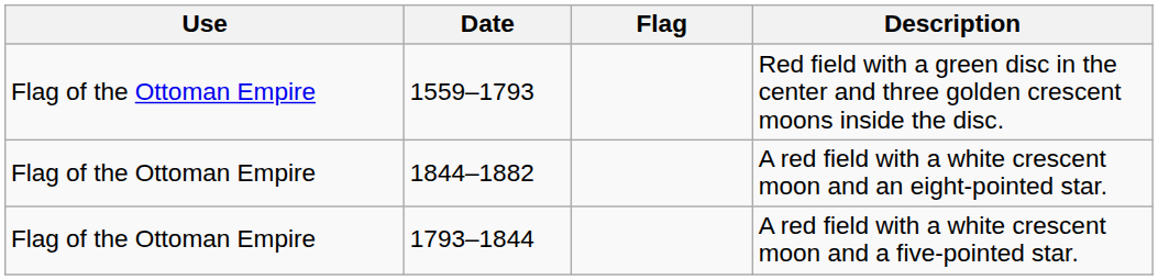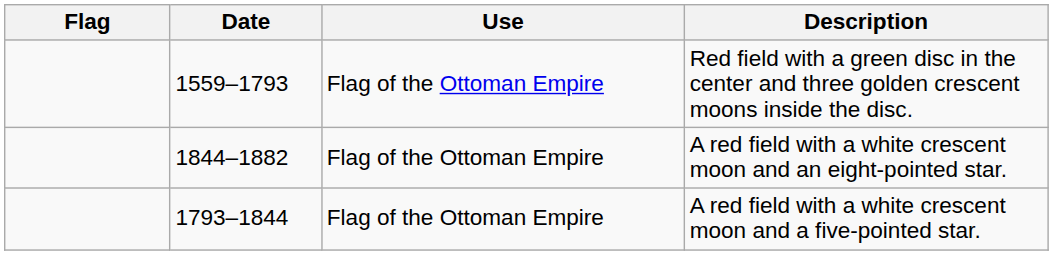 <table class="wikitable">
 <tr>
+<th style="width:110px;">Flag</th>
+<th style="width:100px;">Date</th>
 <th style="width:250px;">Use</th>
-<th style="width:100px;">Date</th>
-<th style="width:110px;">Flag</th>
 <th style="width:250px;">Description</th>
 </tr>
 <tr>
+<td></td>
+<td>1559–1793</td>
 <td>Flag of the <a href='#'>Ottoman Empire</a></td>
-<td>1559–1793</td>
-<td></td>
 <td>Red field with a green disc in the center and three golden crescent moons inside the disc.</td>
 </tr>
 <tr>
+<td></td>
+<td>1844–1882</td>
 <td>Flag of the Ottoman Empire</td>
-<td>1844–1882</td>
-<td></td>
 <td>A red field with a white crescent moon and an eight-pointed star.</td>
 </tr>
 <tr>
+<td></td>
+<td>1793–1844</td>
 <td>Flag of the Ottoman Empire</td>
-<td>1793–1844</td>
-<td></td>
 <td>A red field with a white crescent moon and a five-pointed star.</td>
 </tr>
 </table>
